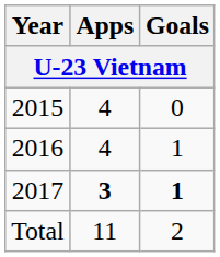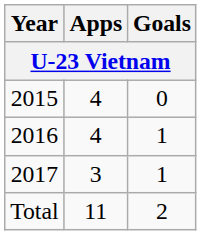 <table class = "wikitable" style = "text-align: center">
 <tr>
 <th>Year</th>
 <th>Apps</th>
 <th>Goals</th>
 </tr>
 <tr>
 <th colspan = 3><a href='#'>U-23 Vietnam</a></th>
 </tr>
 <tr>
 <td>2015</td>
 <td>4</td>
 <td>0</td>
 </tr>
 <tr>
 <td>2016</td>
 <td>4</td>
 <td>1</td>
 </tr>
 <tr>
 <td>2017</td>
-<td><strong>3</strong></td>
-<td><strong>1</strong></td>
+<td>3</td>
+<td>1</td>
 </tr>
 <tr>
 <td>Total</td>
 <td>11</td>
 <td>2</td>
 </tr>
 </table>
